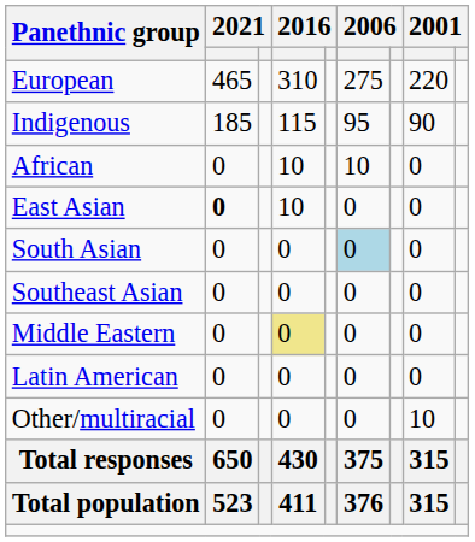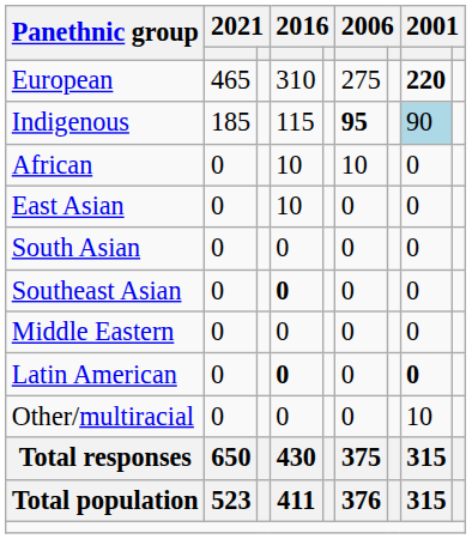 <table class="wikitable collapsible sortable">
 <tr>
 <th rowspan="2"><a href='#'>Panethnic</a> group</th>
 <th colspan="2">2021</th>
 <th colspan="2">2016</th>
 <th colspan="2">2006</th>
 <th colspan="2">2001</th>
 </tr>
 <tr>
 <th><a href='#'></a></th>
 <th></th>
 <th></th>
 <th></th>
 <th></th>
 <th></th>
 <th></th>
 <th></th>
 </tr>
 <tr>
 <td><a href='#'>European</a></td>
 <td>465</td>
 <td></td>
 <td>310</td>
 <td></td>
 <td>275</td>
 <td></td>
-<td>220</td>
+<td><strong>220</strong></td>
 <td></td>
 </tr>
 <tr>
 <td><a href='#'>Indigenous</a></td>
 <td>185</td>
 <td></td>
 <td>115</td>
 <td></td>
-<td>95</td>
+<td><strong>95</strong></td>
 <td></td>
-<td>90</td>
+<td style="background: lightblue;">90</td>
 <td></td>
 </tr>
 <tr>
 <td><a href='#'>African</a></td>
 <td>0</td>
 <td></td>
 <td>10</td>
 <td></td>
 <td>10</td>
 <td></td>
 <td>0</td>
 <td></td>
 </tr>
 <tr>
 <td><a href='#'>East Asian</a></td>
-<td><strong>0</strong></td>
+<td>0</td>
 <td></td>
 <td>10</td>
 <td></td>
 <td>0</td>
 <td></td>
 <td>0</td>
 <td></td>
 </tr>
 <tr>
 <td><a href='#'>South Asian</a></td>
 <td>0</td>
 <td></td>
 <td>0</td>
 <td></td>
-<td style="background: lightblue;">0</td>
+<td>0</td>
 <td></td>
 <td>0</td>
 <td></td>
 </tr>
 <tr>
 <td><a href='#'>Southeast Asian</a></td>
+<td>0</td>
+<td></td>
+<td><strong>0</strong></td>
+<td></td>
+<td>0</td>
+<td></td>
+<td>0</td>
+<td></td>
+</tr>
+<tr>
+<td><a href='#'>Middle Eastern</a></td>
 <td>0</td>
 <td></td>
 <td>0</td>
 <td></td>
 <td>0</td>
 <td></td>
 <td>0</td>
 <td></td>
 </tr>
 <tr>
-<td><a href='#'>Middle Eastern</a></td>
+<td><a href='#'>Latin American</a></td>
 <td>0</td>
 <td></td>
-<td style="background: khaki;">0</td>
+<td><strong>0</strong></td>
 <td></td>
 <td>0</td>
 <td></td>
-<td>0</td>
-<td></td>
-</tr>
-<tr>
-<td><a href='#'>Latin American</a></td>
-<td>0</td>
-<td></td>
-<td>0</td>
-<td></td>
-<td>0</td>
-<td></td>
-<td>0</td>
+<td><strong>0</strong></td>
 <td></td>
 </tr>
 <tr>
 <td>Other/<a href='#'>multiracial</a></td>
 <td>0</td>
 <td></td>
 <td>0</td>
 <td></td>
 <td>0</td>
 <td></td>
 <td>10</td>
 <td></td>
 </tr>
 <tr>
 <th>Total responses</th>
 <th>650</th>
 <th></th>
 <th>430</th>
 <th></th>
 <th>375</th>
 <th></th>
 <th>315</th>
 <th></th>
 </tr>
 <tr class="sortbottom">
 <th>Total population</th>
 <th>523</th>
 <th></th>
 <th>411</th>
 <th></th>
 <th>376</th>
 <th></th>
 <th>315</th>
 <th></th>
 </tr>
 <tr class="sortbottom">
 <td colspan="11"></td>
 </tr>
 </table>
